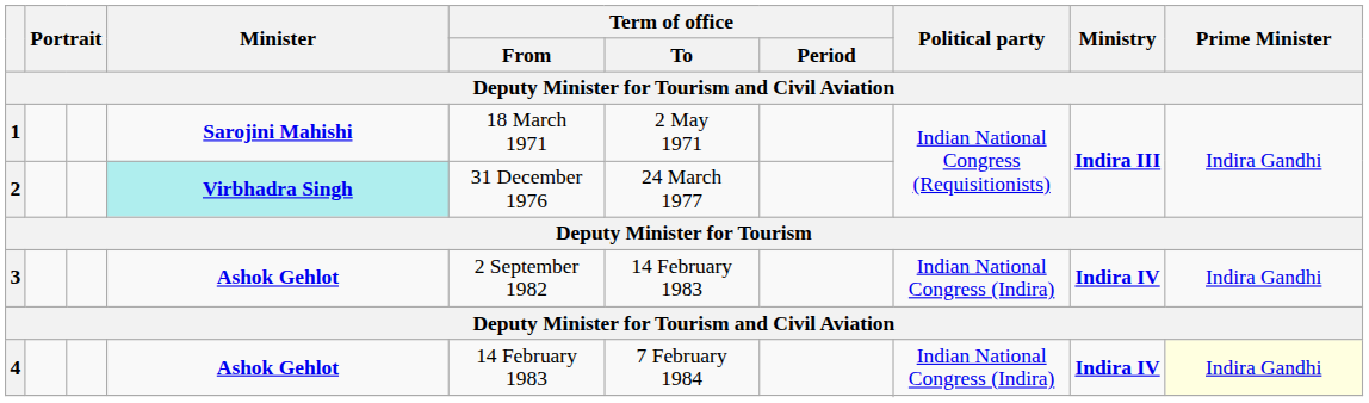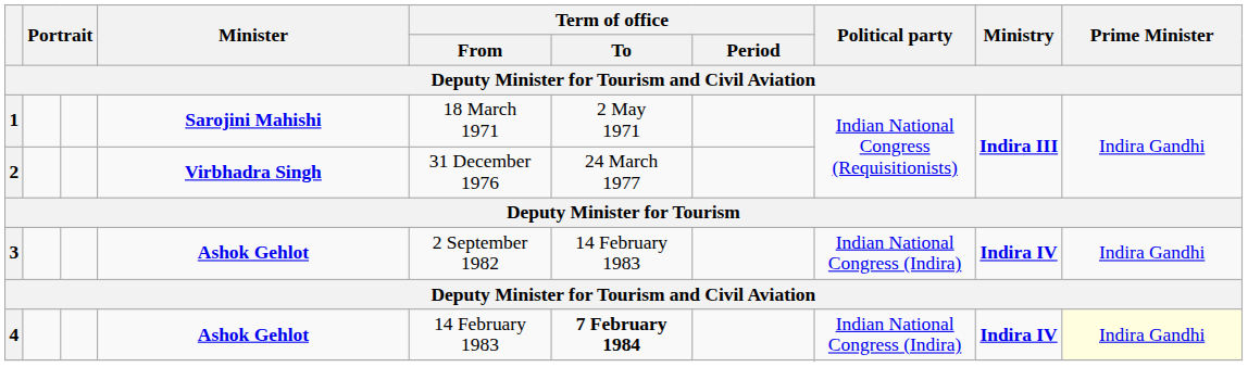 <table class="wikitable" style="text-align:center">
 <tr>
 <th rowspan="2"></th>
 <th rowspan="2" colspan="2">Portrait</th>
 <th rowspan="2" style="width:16em">Minister<br></th>
 <th colspan="3">Term of office</th>
 <th rowspan="2" style="width:8em">Political party</th>
 <th rowspan="2">Ministry</th>
 <th rowspan="2" style="width:9em">Prime Minister</th>
 </tr>
 <tr>
 <th style="width:7em">From</th>
 <th style="width:7em">To</th>
 <th style="width:6em">Period</th>
 </tr>
 <tr>
 <th colspan="10">Deputy Minister for Tourism and Civil Aviation</th>
 </tr>
 <tr>
 <th>1</th>
 <td></td>
 <td></td>
 <td><strong><a href='#'>Sarojini Mahishi</a></strong><br></td>
 <td>18 March<br>1971</td>
 <td>2 May<br>1971</td>
 <td><strong></strong></td>
 <td rowspan="2"><a href='#'>Indian National Congress (Requisitionists)</a></td>
 <td rowspan="2"><strong><a href='#'>Indira III</a></strong></td>
 <td rowspan="2"><a href='#'>Indira Gandhi</a></td>
 </tr>
 <tr>
 <th>2</th>
 <td></td>
 <td></td>
-<td style="background: paleturquoise;"><strong><a href='#'>Virbhadra Singh</a></strong><br></td>
+<td><strong><a href='#'>Virbhadra Singh</a></strong><br></td>
 <td>31 December<br>1976</td>
 <td>24 March<br>1977</td>
 <td><strong></strong></td>
 </tr>
 <tr>
 <th colspan="10">Deputy Minister for Tourism</th>
 </tr>
 <tr>
 <th>3</th>
 <td></td>
 <td></td>
 <td><strong><a href='#'>Ashok Gehlot</a></strong><br></td>
 <td>2 September<br>1982</td>
 <td>14 February<br>1983</td>
 <td><strong></strong></td>
 <td><a href='#'>Indian National Congress (Indira)</a></td>
 <td><strong><a href='#'>Indira IV</a></strong></td>
 <td><a href='#'>Indira Gandhi</a></td>
 </tr>
 <tr>
 <th colspan="10">Deputy Minister for Tourism and Civil Aviation</th>
 </tr>
 <tr>
 <th>4</th>
 <td></td>
 <td></td>
 <td><strong><a href='#'>Ashok Gehlot</a></strong><br></td>
 <td>14 February<br>1983</td>
-<td>7 February<br>1984</td>
+<td><strong>7 February<br>1984</strong></td>
 <td rowspan="2"><strong></strong></td>
 <td rowspan="3"><a href='#'>Indian National Congress (Indira)</a></td>
 <td><strong><a href='#'>Indira IV</a></strong></td>
 <td style="background: lightyellow;"><a href='#'>Indira Gandhi</a></td>
 </tr>
 <tr>
 </tr>
 </table>
